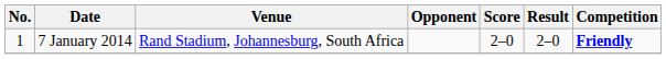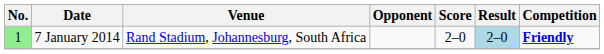 <table class="wikitable sortable">
 <tr>
 <th scope="col">No.</th>
 <th scope="col">Date</th>
 <th scope="col">Venue</th>
 <th scope="col">Opponent</th>
 <th scope="col">Score</th>
 <th scope="col">Result</th>
 <th scope="col">Competition</th>
 </tr>
 <tr>
-<td align="center">1</td>
+<td align="center" style="background: lightgreen;">1</td>
 <td>7 January 2014</td>
 <td><a href='#'>Rand Stadium</a>, <a href='#'>Johannesburg</a>, South Africa</td>
 <td></td>
 <td align="center">2–0</td>
-<td align="center">2–0</td>
+<td align="center" style="background: lightblue;">2–0</td>
 <td><strong><a href='#'>Friendly</a></strong></td>
 </tr>
 <tr>
 </tr>
 </table>
